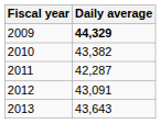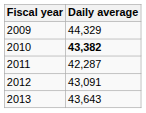 <table class="wikitable">
 <tr>
 <th>Fiscal year</th>
 <th>Daily average</th>
 </tr>
 <tr>
 <td>2009</td>
-<td><strong>44,329</strong></td>
+<td>44,329</td>
 </tr>
 <tr>
 <td>2010</td>
-<td>43,382</td>
+<td><strong>43,382</strong></td>
 </tr>
 <tr>
 <td>2011</td>
 <td>42,287</td>
 </tr>
 <tr>
 <td>2012</td>
 <td>43,091</td>
 </tr>
 <tr>
 <td>2013</td>
 <td>43,643</td>
 </tr>
 </table>
